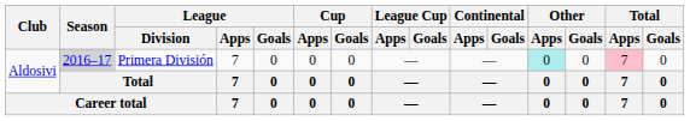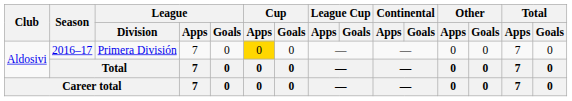 <table class="wikitable" style="text-align:center">
 <tr>
 <th rowspan="2">Club</th>
 <th rowspan="2">Season</th>
 <th colspan="3">League</th>
 <th colspan="2">Cup</th>
 <th colspan="2">League Cup</th>
 <th colspan="2">Continental</th>
 <th colspan="2">Other</th>
 <th colspan="2">Total</th>
 </tr>
 <tr>
 <th>Division</th>
 <th>Apps</th>
 <th>Goals</th>
 <th>Apps</th>
 <th>Goals</th>
 <th>Apps</th>
 <th>Goals</th>
 <th>Apps</th>
 <th>Goals</th>
 <th>Apps</th>
 <th>Goals</th>
 <th>Apps</th>
 <th>Goals</th>
 </tr>
 <tr>
 <td rowspan="2"><a href='#'>Aldosivi</a></td>
-<td style="background: lightgrey;"><a href='#'>2016–17</a></td>
+<td><a href='#'>2016–17</a></td>
 <td rowspan="1"><a href='#'>Primera División</a></td>
 <td>7</td>
 <td>0</td>
-<td>0</td>
+<td style="background: gold;">0</td>
 <td>0</td>
 <td colspan="2">—</td>
 <td colspan="2">—</td>
-<td style="background: paleturquoise;">0</td>
 <td>0</td>
-<td style="background: pink;">7</td>
+<td>0</td>
+<td>7</td>
 <td>0</td>
 </tr>
 <tr>
 <th colspan="2">Total</th>
 <th>7</th>
 <th>0</th>
 <th>0</th>
 <th>0</th>
 <th colspan="2">—</th>
 <th colspan="2">—</th>
 <th>0</th>
 <th>0</th>
 <th>7</th>
 <th>0</th>
 </tr>
 <tr>
 <th colspan="3">Career total</th>
 <th>7</th>
 <th>0</th>
 <th>0</th>
 <th>0</th>
 <th colspan="2">—</th>
 <th colspan="2">—</th>
 <th>0</th>
 <th>0</th>
 <th>7</th>
 <th>0</th>
 </tr>
 </table>
